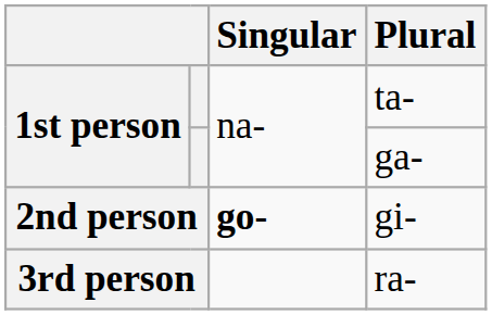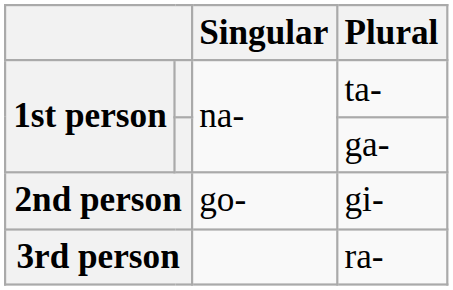 <table class="wikitable">
 <tr>
 <th colspan="2"></th>
 <th>Singular</th>
 <th>Plural</th>
 </tr>
 <tr>
 <th rowspan="2">1st person</th>
 <th></th>
 <td rowspan="2">na-</td>
 <td>ta-</td>
 </tr>
 <tr>
 <th></th>
 <td>ga-</td>
 </tr>
 <tr>
 <th colspan="2">2nd person</th>
-<td><strong>go-</strong></td>
+<td>go-</td>
 <td>gi-</td>
 </tr>
 <tr>
 <th colspan="2">3rd person</th>
 <td></td>
 <td>ra-</td>
 </tr>
 </table>
